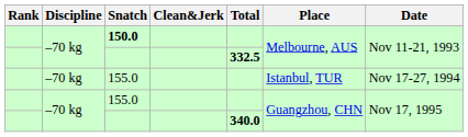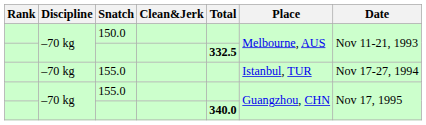 <table class="wikitable">
 <tr>
 <th>Rank</th>
 <th>Discipline</th>
 <th>Snatch</th>
 <th>Clean&Jerk</th>
 <th>Total</th>
 <th>Place</th>
 <th>Date</th>
 </tr>
 <tr bgcolor=#CCFFCC>
 <td></td>
 <td rowspan=2>–70 kg</td>
-<td><strong>150.0</strong></td>
+<td>150.0</td>
 <td></td>
 <td></td>
 <td rowspan=2><a href='#'>Melbourne</a>, <a href='#'>AUS</a></td>
 <td rowspan=2>Nov 11-21, 1993</td>
 </tr>
 <tr bgcolor=#CCFFCC>
 <td><strong></strong></td>
 <td></td>
 <td></td>
 <td><strong>332.5</strong></td>
 </tr>
 <tr bgcolor=#CCFFCC>
 <td></td>
 <td>–70 kg</td>
 <td>155.0</td>
 <td></td>
 <td></td>
 <td><a href='#'>Istanbul</a>, <a href='#'>TUR</a></td>
 <td>Nov 17-27, 1994</td>
 </tr>
 <tr bgcolor=#CCFFCC>
 <td></td>
 <td rowspan=2>–70 kg</td>
 <td>155.0</td>
 <td></td>
 <td></td>
 <td rowspan=2><a href='#'>Guangzhou</a>, <a href='#'>CHN</a></td>
 <td rowspan=2>Nov 17, 1995</td>
 </tr>
 <tr bgcolor=#CCFFCC>
 <td><strong></strong></td>
 <td></td>
 <td></td>
 <td><strong>340.0</strong></td>
 </tr>
 </table>
